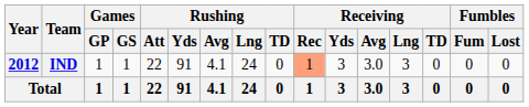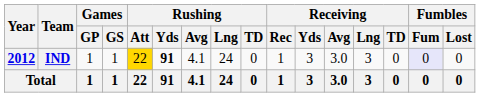 <table class=wikitable style="text-align:center;">
 <tr>
 <th rowspan="2">Year</th>
 <th rowspan="2">Team</th>
 <th colspan="2">Games</th>
 <th colspan="5">Rushing</th>
 <th colspan="5">Receiving</th>
 <th colspan="2">Fumbles</th>
 </tr>
 <tr>
 <th>GP</th>
 <th>GS</th>
 <th>Att</th>
 <th>Yds</th>
 <th>Avg</th>
 <th>Lng</th>
 <th>TD</th>
 <th>Rec</th>
 <th>Yds</th>
 <th>Avg</th>
 <th>Lng</th>
 <th>TD</th>
 <th>Fum</th>
 <th>Lost</th>
 </tr>
 <tr>
 <th><a href='#'>2012</a></th>
 <th><a href='#'>IND</a></th>
 <td>1</td>
 <td>1</td>
-<td>22</td>
-<td>91</td>
+<td style="background: gold;">22</td>
+<td><strong>91</strong></td>
 <td>4.1</td>
 <td>24</td>
 <td>0</td>
-<td style="background: lightsalmon;">1</td>
+<td>1</td>
 <td>3</td>
 <td>3.0</td>
 <td>3</td>
 <td>0</td>
-<td>0</td>
+<td style="background: lavender;">0</td>
 <td>0</td>
 </tr>
 <tr>
 <th colspan="2">Total</th>
 <th>1</th>
 <th>1</th>
 <th>22</th>
 <th>91</th>
 <th>4.1</th>
 <th>24</th>
 <th>0</th>
 <th>1</th>
 <th>3</th>
 <th>3.0</th>
 <th>3</th>
 <th>0</th>
 <th>0</th>
 <th>0</th>
 </tr>
 </table>
